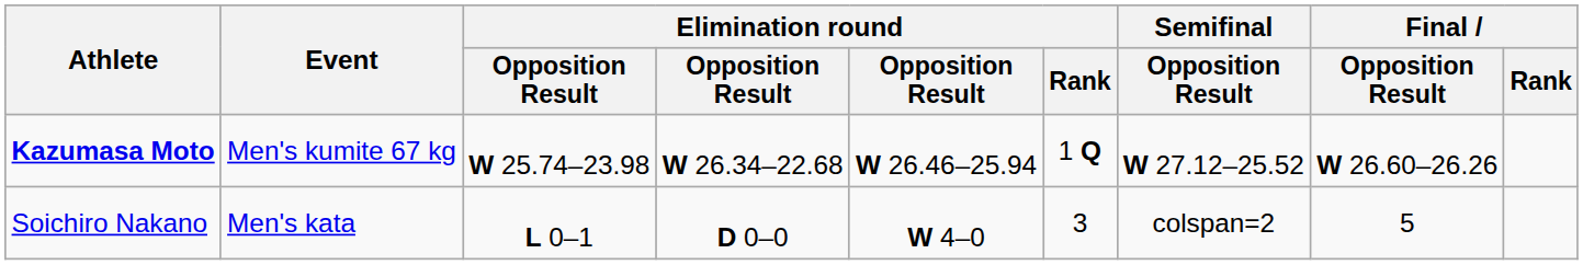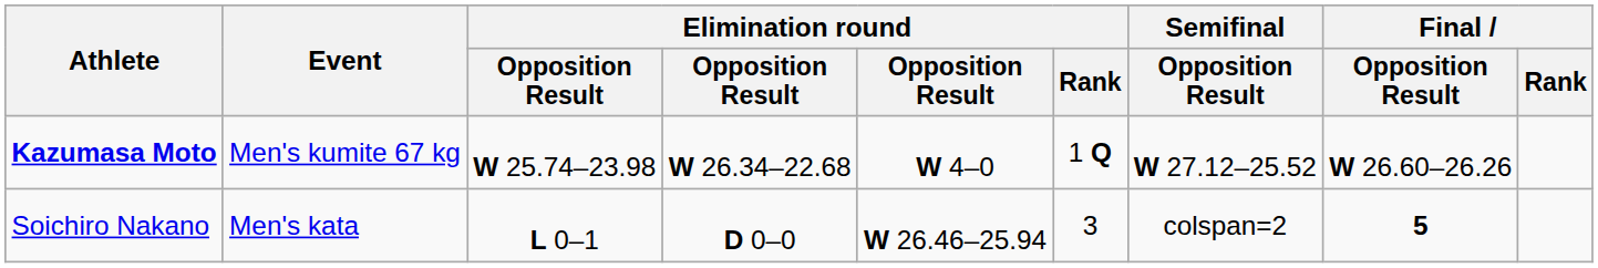 <table class=wikitable style=font-size:90%;text-align:center>
 <tr>
 <th rowspan=2>Athlete</th>
 <th rowspan=2>Event</th>
 <th colspan=4>Elimination round</th>
 <th>Semifinal</th>
 <th colspan=2>Final / </th>
 </tr>
 <tr style=font-size:95%>
 <th>Opposition<br>Result</th>
 <th>Opposition<br>Result</th>
 <th>Opposition<br>Result</th>
 <th>Rank</th>
 <th>Opposition<br>Result</th>
 <th>Opposition<br>Result</th>
 <th>Rank</th>
 </tr>
 <tr>
 <td align=left><strong><a href='#'>Kazumasa Moto</a></strong></td>
 <td align=left><a href='#'>Men's kumite 67 kg</a></td>
 <td><br><strong>W</strong> 25.74–23.98</td>
 <td><br><strong>W</strong> 26.34–22.68</td>
-<td><br><strong>W</strong> 26.46–25.94</td>
+<td><br><strong>W</strong> 4–0</td>
 <td>1 <strong>Q</strong></td>
 <td><br><strong>W</strong> 27.12–25.52</td>
 <td><br><strong>W</strong> 26.60–26.26</td>
 <td></td>
 </tr>
 <tr>
 <td align=left><a href='#'>Soichiro Nakano</a></td>
 <td align=left><a href='#'>Men's kata</a></td>
 <td><br><strong>L</strong> 0–1</td>
 <td><br><strong>D</strong> 0–0</td>
-<td><br><strong>W</strong> 4–0</td>
+<td><br><strong>W</strong> 26.46–25.94</td>
 <td>3</td>
 <td>colspan=2 </td>
-<td>5</td>
+<td><strong>5</strong></td>
 </tr>
 </table>
